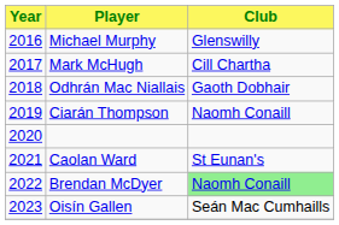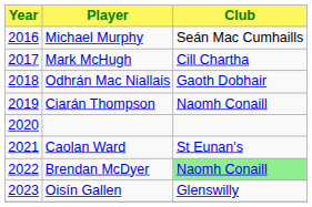 <table class="wikitable">
 <tr>
 <th style="background:#FCF75E;color:green;">Year</th>
 <th style="background:#FCF75E;color:green;">Player</th>
 <th style="background:#FCF75E;color:green;">Club</th>
 </tr>
 <tr>
 <td><a href='#'>2016</a></td>
 <td><a href='#'>Michael Murphy</a></td>
-<td><a href='#'>Glenswilly</a></td>
+<td>Seán Mac Cumhaills</td>
 </tr>
 <tr>
 <td><a href='#'>2017</a></td>
 <td><a href='#'>Mark McHugh</a></td>
 <td><a href='#'>Cill Chartha</a></td>
 </tr>
 <tr>
 <td><a href='#'>2018</a></td>
 <td><a href='#'>Odhrán Mac Niallais</a></td>
 <td><a href='#'>Gaoth Dobhair</a></td>
 </tr>
 <tr>
 <td><a href='#'>2019</a></td>
 <td><a href='#'>Ciarán Thompson</a></td>
 <td><a href='#'>Naomh Conaill</a></td>
 </tr>
 <tr>
 <td><a href='#'>2020</a></td>
 <td></td>
 <td></td>
 </tr>
 <tr>
 <td><a href='#'>2021</a></td>
 <td><a href='#'>Caolan Ward</a></td>
 <td><a href='#'>St Eunan's</a></td>
 </tr>
 <tr>
 <td><a href='#'>2022</a></td>
 <td><a href='#'>Brendan McDyer</a></td>
 <td style="background: lightgreen;"><a href='#'>Naomh Conaill</a></td>
 </tr>
 <tr>
 <td><a href='#'>2023</a></td>
 <td><a href='#'>Oisín Gallen</a></td>
-<td>Seán Mac Cumhaills</td>
+<td><a href='#'>Glenswilly</a></td>
 </tr>
 <tr>
 </tr>
 </table>
